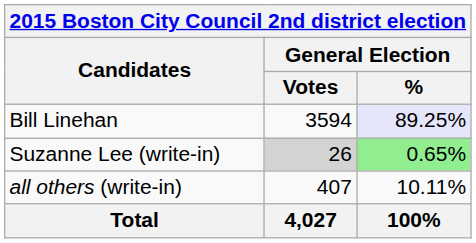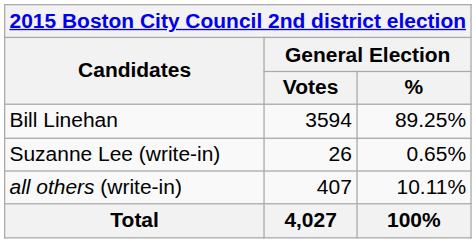 <table class=wikitable>
 <tr>
 <th colspan=15><a href='#'>2015 Boston City Council 2nd district election</a></th>
 </tr>
 <tr>
 <th colspan=1 rowspan=2><strong>Candidates</strong></th>
 <th colspan=2><strong>General Election</strong></th>
 </tr>
 <tr>
 <th>Votes</th>
 <th>%</th>
 </tr>
 <tr>
 <td>Bill Linehan</td>
 <td align="right">3594</td>
-<td align="right" style="background: lavender;">89.25%</td>
+<td align="right">89.25%</td>
 </tr>
 <tr>
 <td>Suzanne Lee (write-in)</td>
-<td align="right" style="background: lightgrey;">26</td>
-<td align="right" style="background: lightgreen;">0.65%</td>
+<td align="right">26</td>
+<td align="right">0.65%</td>
 </tr>
 <tr>
 <td><em>all others</em> (write-in)</td>
 <td align="right">407</td>
 <td align="right">10.11%</td>
 </tr>
 <tr>
 <th><strong>Total</strong></th>
 <th align="right"><strong>4,027</strong></th>
 <th align="right"><strong>100%</strong></th>
 </tr>
 </table>
